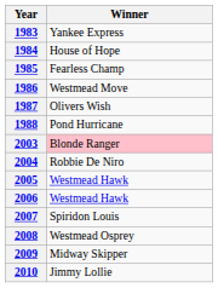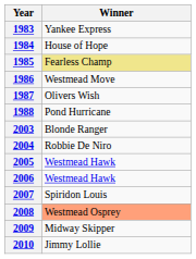 <table class="wikitable">
 <tr>
 <th width=50>Year</th>
 <th width=220>Winner</th>
 </tr>
 <tr>
 <th><a href='#'>1983</a></th>
 <td>Yankee Express</td>
 </tr>
 <tr>
 <th><a href='#'>1984</a></th>
 <td>House of Hope</td>
 </tr>
 <tr>
 <th><a href='#'>1985</a></th>
-<td>Fearless Champ</td>
+<td style="background: khaki;">Fearless Champ</td>
 </tr>
 <tr>
 <th><a href='#'>1986</a></th>
 <td>Westmead Move</td>
 </tr>
 <tr>
 <th><a href='#'>1987</a></th>
 <td>Olivers Wish</td>
 </tr>
 <tr>
 <th><a href='#'>1988</a></th>
 <td>Pond Hurricane</td>
 </tr>
 <tr>
 <th><a href='#'>2003</a></th>
-<td style="background: pink;">Blonde Ranger</td>
+<td>Blonde Ranger</td>
 </tr>
 <tr>
 <th><a href='#'>2004</a></th>
 <td>Robbie De Niro</td>
 </tr>
 <tr>
 <th><a href='#'>2005</a></th>
 <td><a href='#'>Westmead Hawk</a></td>
 </tr>
 <tr>
 <th><a href='#'>2006</a></th>
 <td><a href='#'>Westmead Hawk</a></td>
 </tr>
 <tr>
 <th><a href='#'>2007</a></th>
 <td>Spiridon Louis</td>
 </tr>
 <tr>
 <th><a href='#'>2008</a></th>
-<td>Westmead Osprey</td>
+<td style="background: lightsalmon;">Westmead Osprey</td>
 </tr>
 <tr>
 <th><a href='#'>2009</a></th>
 <td>Midway Skipper</td>
 </tr>
 <tr>
 <th><a href='#'>2010</a></th>
 <td>Jimmy Lollie</td>
 </tr>
 </table>
